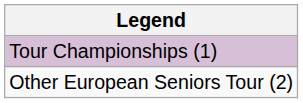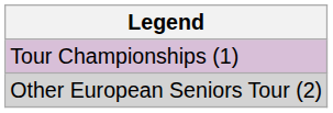 <table class="wikitable" style="font-size:95%;">
 <tr>
 <th>Legend</th>
 </tr>
 <tr style="background:thistle;">
 <td>Tour Championships (1)</td>
 </tr>
 <tr>
-<td>Other European Seniors Tour (2)</td>
+<td style="background: lightgrey;">Other European Seniors Tour (2)</td>
 </tr>
 </table>
